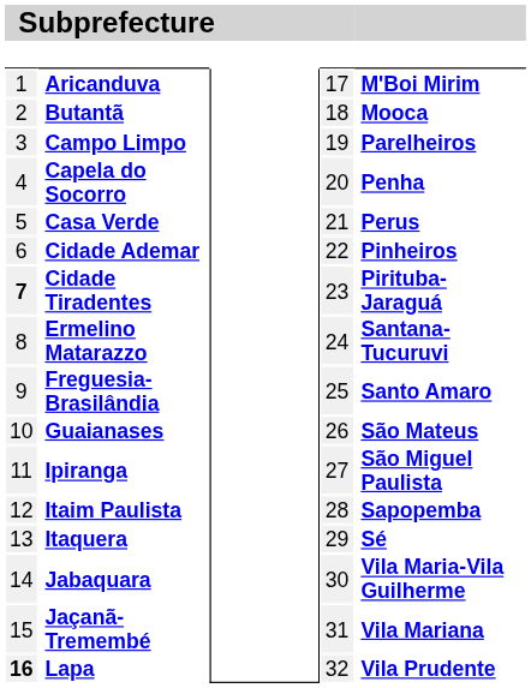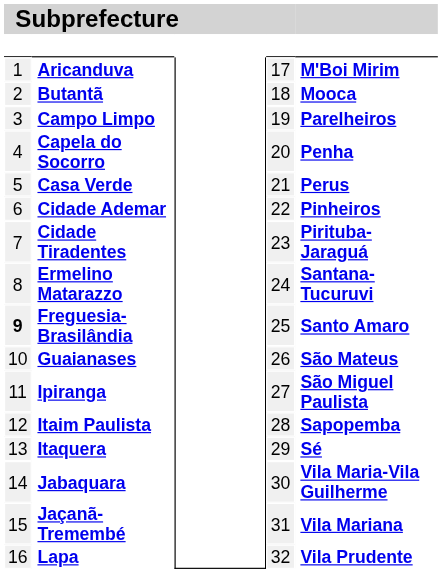 <table class="toccolours" width="60%" align="center" cellpadding="1" cellspacing="0" style="margin:1 1 1em 1em; clear:right; text-align:center">
 <tr>
 <th colspan="4" style="text-align:left;background:lightgrey; padding-left:10px; font-size:130%">Subprefecture</th>
 <th colspan="1" style="text-align:right;background:lightgrey; padding-right:10px"></th>
 </tr>
 <tr style="font-size:95%">
 <th width="2%"  style="background:white; text-align:center; border-bottom:1px solid black"> </th>
 <th width="20%" style="background:white; text-align:left; border-bottom:1px solid black"></th>
 <th width="15%" style="background:white; text-align:center"> </th>
 <th width="2%"  style="background:white; text-align:center; border-bottom:1px solid black"> </th>
 <th width="20%" style="background:white; text-align:left; border-bottom:1px solid black"></th>
 </tr>
 <tr style="font-size:95%">
 <td style="background:#f0f0f0; border:1px solid white">1</td>
 <td style="text-align:left;padding-left:5px"><strong><a href='#'>Aricanduva</a></strong></td>
 <th align=center rowspan=20 style="background:white; text-align:center; border-bottom:1px solid black; border-right:1px solid black; border-left:1px solid black"></th>
 <td style="background:#f0f0f0; border:1px solid white">17</td>
 <td style="text-align:left;padding-left:5px"><strong><a href='#'>M'Boi Mirim</a></strong></td>
 </tr>
 <tr style="font-size:95%">
 <td style="background:#f0f0f0; border:1px solid white">2</td>
 <td style="text-align:left;padding-left:5px"><strong><a href='#'>Butantã</a></strong></td>
 <td style="background:#f0f0f0; border:1px solid white">18</td>
 <td style="text-align:left;padding-left:5px"><strong><a href='#'>Mooca</a></strong></td>
 </tr>
 <tr style="font-size:95%">
 <td style="background:#f0f0f0; border:1px solid white">3</td>
 <td style="text-align:left;padding-left:5px"><strong><a href='#'>Campo Limpo</a></strong></td>
 <td style="background:#f0f0f0; border:1px solid white">19</td>
 <td style="text-align:left;padding-left:5px"><strong><a href='#'>Parelheiros</a></strong></td>
 </tr>
 <tr style="font-size:95%">
 <td style="background:#f0f0f0; border:1px solid white">4</td>
 <td style="text-align:left;padding-left:5px"><strong><a href='#'>Capela do Socorro</a></strong></td>
 <td style="background:#f0f0f0; border:1px solid white">20</td>
 <td style="text-align:left;padding-left:5px"><strong><a href='#'>Penha</a></strong></td>
 </tr>
 <tr style="font-size:95%">
 <td style="background:#f0f0f0; border:1px solid white">5</td>
 <td style="text-align:left;padding-left:5px"><strong><a href='#'>Casa Verde</a></strong></td>
 <td style="background:#f0f0f0; border:1px solid white">21</td>
 <td style="text-align:left;padding-left:5px"><strong><a href='#'>Perus</a></strong></td>
 </tr>
 <tr style="font-size:95%">
 <td style="background:#f0f0f0; border:1px solid white">6</td>
 <td style="text-align:left;padding-left:5px"><strong><a href='#'>Cidade Ademar</a></strong></td>
 <td style="background:#f0f0f0; border:1px solid white">22</td>
 <td style="text-align:left;padding-left:5px"><strong><a href='#'>Pinheiros</a></strong></td>
 </tr>
 <tr style="font-size:95%">
-<td style="background:#f0f0f0; border:1px solid white"><strong>7</strong></td>
+<td style="background:#f0f0f0; border:1px solid white">7</td>
 <td style="text-align:left;padding-left:5px"><strong><a href='#'>Cidade Tiradentes</a></strong></td>
 <td style="background:#f0f0f0; border:1px solid white">23</td>
 <td style="text-align:left;padding-left:5px"><strong><a href='#'>Pirituba-Jaraguá</a></strong></td>
 </tr>
 <tr style="font-size:95%">
 <td style="background:#f0f0f0; border:1px solid white">8</td>
 <td style="text-align:left;padding-left:5px"><strong><a href='#'>Ermelino Matarazzo</a></strong></td>
 <td style="background:#f0f0f0; border:1px solid white">24</td>
 <td style="text-align:left;padding-left:5px"><strong><a href='#'>Santana-Tucuruvi</a></strong></td>
 </tr>
 <tr style="font-size:95%">
-<td style="background:#f0f0f0; border:1px solid white">9</td>
+<td style="background:#f0f0f0; border:1px solid white"><strong>9</strong></td>
 <td style="text-align:left;padding-left:5px"><strong><a href='#'>Freguesia-Brasilândia</a></strong></td>
 <td style="background:#f0f0f0; border:1px solid white">25</td>
 <td style="text-align:left;padding-left:5px"><strong><a href='#'>Santo Amaro</a></strong></td>
 </tr>
 <tr style="font-size:95%">
 <td style="background:#f0f0f0; border:1px solid white">10</td>
 <td style="text-align:left;padding-left:5px"><strong><a href='#'>Guaianases</a></strong></td>
 <td style="background:#f0f0f0; border:1px solid white">26</td>
 <td style="text-align:left;padding-left:5px"><strong><a href='#'>São Mateus</a></strong></td>
 </tr>
 <tr style="font-size:95%">
 <td style="background:#f0f0f0; border:1px solid white">11</td>
 <td style="text-align:left;padding-left:5px"><strong><a href='#'>Ipiranga</a></strong></td>
 <td style="background:#f0f0f0; border:1px solid white">27</td>
 <td style="text-align:left;padding-left:5px"><strong><a href='#'>São Miguel Paulista</a></strong></td>
 </tr>
 <tr style="font-size:95%">
 <td style="background:#f0f0f0; border:1px solid white">12</td>
 <td style="text-align:left;padding-left:5px"><strong><a href='#'>Itaim Paulista</a></strong></td>
 <td style="background:#f0f0f0; border:1px solid white">28</td>
 <td style="text-align:left;padding-left:5px"><strong><a href='#'>Sapopemba</a></strong></td>
 </tr>
 <tr style="font-size:95%">
 <td style="background:#f0f0f0; border:1px solid white">13</td>
 <td style="text-align:left;padding-left:5px"><strong><a href='#'>Itaquera</a></strong></td>
 <td style="background:#f0f0f0; border:1px solid white">29</td>
 <td style="text-align:left;padding-left:5px"><strong><a href='#'>Sé</a></strong></td>
 </tr>
 <tr style="font-size:95%">
 <td style="background:#f0f0f0; border:1px solid white">14</td>
 <td style="text-align:left;padding-left:5px"><strong><a href='#'>Jabaquara</a></strong></td>
 <td style="background:#f0f0f0; border:1px solid white">30</td>
 <td style="text-align:left;padding-left:5px"><strong><a href='#'>Vila Maria-Vila Guilherme</a></strong></td>
 </tr>
 <tr style="font-size:95%">
 <td style="background:#f0f0f0; border:1px solid white">15</td>
 <td style="text-align:left;padding-left:5px"><strong><a href='#'> Jaçanã-Tremembé</a></strong></td>
 <td style="background:#f0f0f0; border:1px solid white">31</td>
 <td style="text-align:left;padding-left:5px"><strong><a href='#'>Vila Mariana</a></strong></td>
 </tr>
 <tr style="font-size:95%">
-<td style="background:#f0f0f0; border:1px solid white"><strong>16</strong></td>
+<td style="background:#f0f0f0; border:1px solid white">16</td>
 <td style="text-align:left;padding-left:5px"><strong><a href='#'>Lapa</a></strong></td>
 <td style="background:#f0f0f0; border:1px solid white">32</td>
 <td style="text-align:left;padding-left:5px"><strong><a href='#'>Vila Prudente</a></strong></td>
 </tr>
 <tr style="font-size:95%">
 </tr>
 </table>
